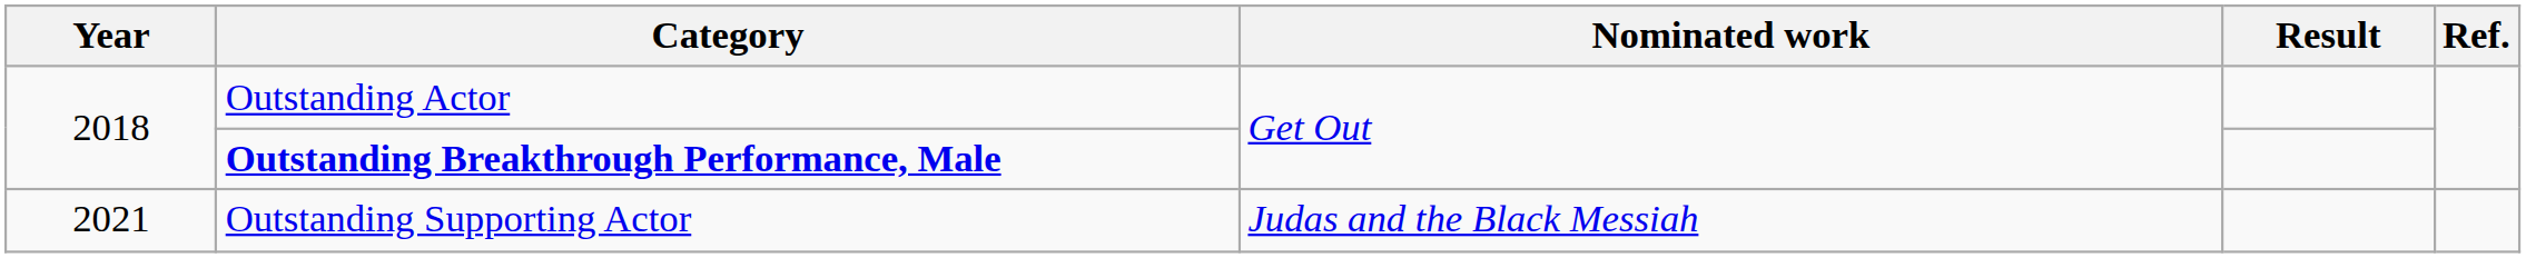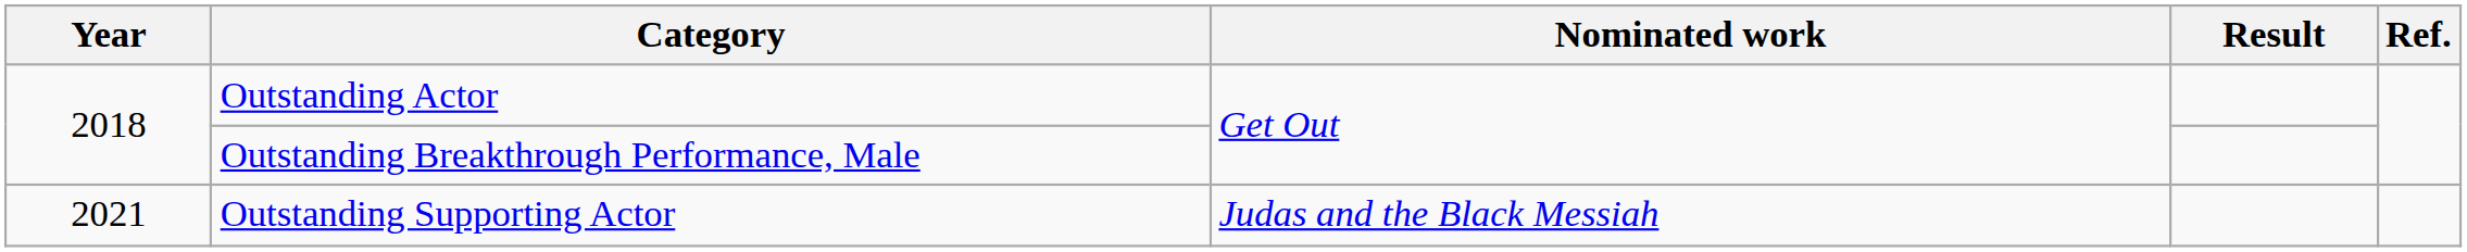 <table class=wikitable>
 <tr>
 <th scope="col" style="width:5em;">Year</th>
 <th scope="col" style="width:26em;">Category</th>
 <th scope="col" style="width:25em;">Nominated work</th>
 <th scope="col" style="width:5em;">Result</th>
 <th>Ref.</th>
 </tr>
 <tr>
 <td style="text-align:center;", rowspan="2">2018</td>
 <td><a href='#'>Outstanding Actor</a></td>
 <td rowspan="2"><em><a href='#'>Get Out</a></em></td>
 <td></td>
 <td rowspan="2"></td>
 </tr>
 <tr>
-<td><strong><a href='#'>Outstanding Breakthrough Performance, Male</a></strong></td>
+<td><a href='#'>Outstanding Breakthrough Performance, Male</a></td>
 <td></td>
 </tr>
 <tr>
 <td style="text-align:center;", rowspan="2">2021</td>
 <td><a href='#'>Outstanding Supporting Actor</a></td>
 <td rowspan="2"><em><a href='#'>Judas and the Black Messiah</a></em></td>
 <td></td>
 </tr>
 </table>
